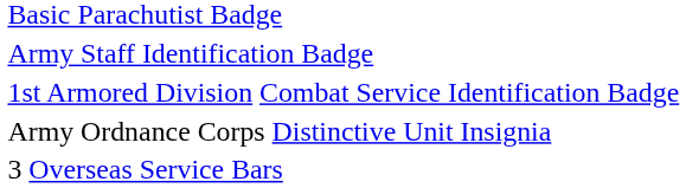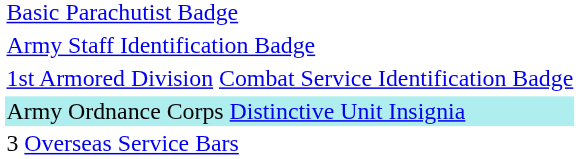 <table>
 <tr>
 <td> <a href='#'>Basic Parachutist Badge</a></td>
 </tr>
 <tr>
 <td> <a href='#'>Army Staff Identification Badge</a></td>
 </tr>
 <tr>
 <td> <a href='#'>1st Armored Division</a> <a href='#'>Combat Service Identification Badge</a></td>
 </tr>
 <tr>
-<td> Army Ordnance Corps <a href='#'>Distinctive Unit Insignia</a></td>
+<td style="background: paleturquoise;"> Army Ordnance Corps <a href='#'>Distinctive Unit Insignia</a></td>
 </tr>
 <tr>
 <td> 3 <a href='#'>Overseas Service Bars</a></td>
 </tr>
 </table>
